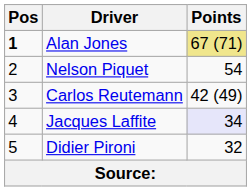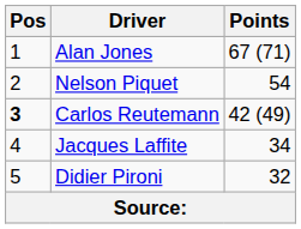 <table class="wikitable" style="font-size: 95%;">
 <tr>
 <th>Pos</th>
 <th>Driver</th>
 <th>Points</th>
 </tr>
 <tr>
-<td><strong>1</strong></td>
+<td>1</td>
 <td> <a href='#'>Alan Jones</a></td>
-<td align="right" style="background: khaki;">67 (71)</td>
+<td align="right">67 (71)</td>
 </tr>
 <tr>
 <td>2</td>
 <td> <a href='#'>Nelson Piquet</a></td>
 <td align="right">54</td>
 </tr>
 <tr>
-<td>3</td>
+<td><strong>3</strong></td>
 <td> <a href='#'>Carlos Reutemann</a></td>
 <td align="right">42 (49)</td>
 </tr>
 <tr>
 <td>4</td>
 <td> <a href='#'>Jacques Laffite</a></td>
-<td align="right" style="background: lavender;">34</td>
+<td align="right">34</td>
 </tr>
 <tr>
 <td>5</td>
 <td> <a href='#'>Didier Pironi</a></td>
 <td align="right">32</td>
 </tr>
 <tr>
 <th colspan=4>Source:</th>
 </tr>
 </table>
